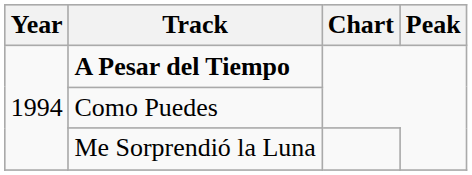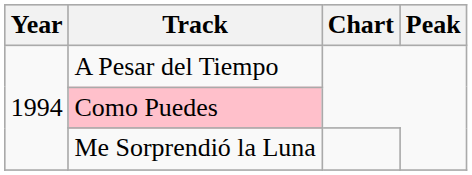 <table class="wikitable">
 <tr>
 <th>Year</th>
 <th>Track</th>
 <th>Chart</th>
 <th>Peak</th>
 </tr>
 <tr>
 <td rowspan="3">1994</td>
-<td><strong>A Pesar del Tiempo<br></strong></td>
+<td>A Pesar del Tiempo<br></td>
 </tr>
 <tr>
-<td>Como Puedes<br></td>
+<td style="background: pink;">Como Puedes<br></td>
 </tr>
 <tr>
 <td>Me Sorprendió la Luna</td>
 <td></td>
 </tr>
 </table>
